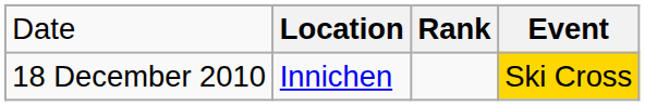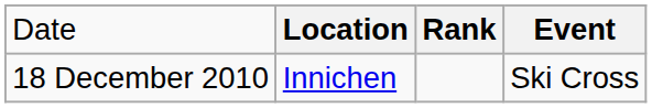 <table class="wikitable sortable" style="font-size:90%" style="text-align:center">
 <tr>
 <td>Date</td>
 <th>Location</th>
 <th>Rank</th>
 <th>Event</th>
 </tr>
 <tr>
 <td>18 December 2010</td>
 <td><a href='#'>Innichen</a></td>
 <td></td>
-<td style="background: gold;">Ski Cross</td>
+<td>Ski Cross</td>
 </tr>
 </table>
